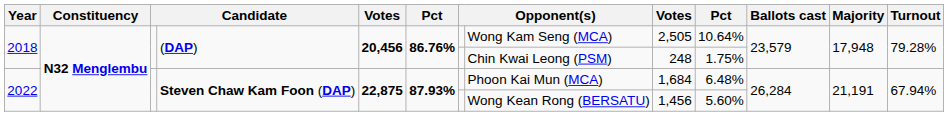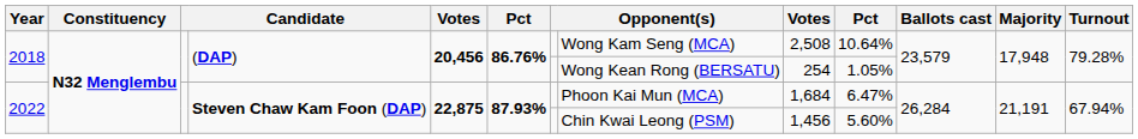 <table class="wikitable" style="margin:0.5em ; font-size:95%">
 <tr>
 <th>Year</th>
 <th>Constituency</th>
 <th colspan=2>Candidate</th>
 <th>Votes</th>
 <th>Pct</th>
 <th colspan=2>Opponent(s)</th>
 <th>Votes</th>
 <th>Pct</th>
 <th>Ballots cast</th>
 <th>Majority</th>
 <th>Turnout</th>
 </tr>
 <tr>
 <td rowspan=2><a href='#'>2018</a></td>
 <td rowspan=4><strong>N32 <a href='#'>Menglembu</a></strong></td>
 <td rowspan=2 ></td>
 <td rowspan=2> (<a href='#'><strong>DAP</strong></a>)</td>
 <td rowspan=2 style="text-align:right;"><strong>20,456</strong></td>
 <td rowspan=2><strong>86.76%</strong></td>
 <td></td>
 <td>Wong Kam Seng (<a href='#'>MCA</a>)</td>
-<td style="text-align:right;">2,505</td>
+<td style="text-align:right;">2,508</td>
 <td>10.64%</td>
 <td rowspan="2">23,579</td>
 <td rowspan="2">17,948</td>
 <td rowspan="2">79.28%</td>
 </tr>
 <tr>
 <td bgcolor=></td>
-<td>Chin Kwai Leong (<a href='#'>PSM</a>)</td>
-<td style="text-align:right;">248</td>
-<td style="text-align:right;">1.75%</td>
+<td>Wong Kean Rong (<a href='#'>BERSATU</a>)</td>
+<td style="text-align:right;">254</td>
+<td style="text-align:right;">1.05%</td>
 </tr>
 <tr>
 <td rowspan=2><a href='#'>2022</a></td>
 <td rowspan=2 ></td>
 <td rowspan=2><strong>Steven Chaw Kam Foon</strong> (<a href='#'><strong>DAP</strong></a>)</td>
 <td rowspan=2 style="text-align:right;"><strong>22,875</strong></td>
 <td rowspan=2><strong>87.93%</strong></td>
 <td></td>
 <td>Phoon Kai Mun (<a href='#'>MCA</a>)</td>
 <td style="text-align:right;">1,684</td>
-<td style="text-align:right;">6.48%</td>
+<td style="text-align:right;">6.47%</td>
 <td rowspan=2>26,284</td>
 <td rowspan=2>21,191</td>
 <td rowspan=2>67.94%</td>
 </tr>
 <tr>
 <td bgcolor=></td>
-<td>Wong Kean Rong (<a href='#'>BERSATU</a>)</td>
+<td>Chin Kwai Leong (<a href='#'>PSM</a>)</td>
 <td style="text-align:right;">1,456</td>
 <td style="text-align:right;">5.60%</td>
 </tr>
 </table>
